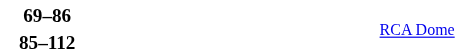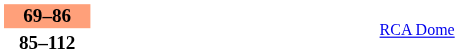 <table style="text-align:center">
 <tr>
 <th width=200></th>
 <th width=30></th>
 <th width=70></th>
 <th width=30></th>
 <th width=200></th>
 <th></th>
 </tr>
 <tr>
 <td align=right><strong></strong></td>
 <td></td>
-<td><strong> 69–86 </strong></td>
+<td style="background: lightsalmon;"><strong> 69–86 </strong></td>
 <td></td>
 <td align=left><strong></strong></td>
 <td align=left rowspan=2><small><a href='#'>RCA Dome</a></small></td>
 </tr>
 <tr>
 <td align=right><strong></strong></td>
 <td></td>
 <td><strong> 85–112 </strong></td>
 <td></td>
 <td align=left><strong></strong></td>
 </tr>
 </table>
